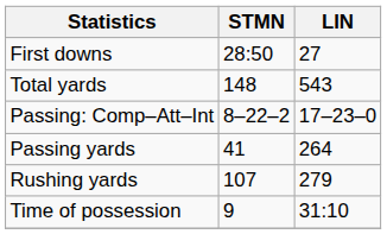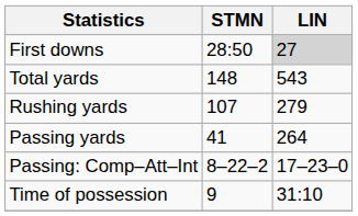 <table class="wikitable" style="float: left;">
 <tr>
 <th>Statistics</th>
 <th>STMN</th>
 <th>LIN</th>
 </tr>
 <tr>
 <td>First downs</td>
 <td>28:50</td>
-<td>27</td>
+<td style="background: lightgrey;">27</td>
 </tr>
 <tr>
 <td>Total yards</td>
 <td>148</td>
 <td>543</td>
 </tr>
 <tr>
-<td>Passing: Comp–Att–Int</td>
-<td>8–22–2</td>
-<td>17–23–0</td>
+<td>Rushing yards</td>
+<td>107</td>
+<td>279</td>
 </tr>
 <tr>
 <td>Passing yards</td>
 <td>41</td>
 <td>264</td>
 </tr>
 <tr>
-<td>Rushing yards</td>
-<td>107</td>
-<td>279</td>
+<td>Passing: Comp–Att–Int</td>
+<td>8–22–2</td>
+<td>17–23–0</td>
 </tr>
 <tr>
 <td>Time of possession</td>
 <td>9</td>
 <td>31:10</td>
 </tr>
 <tr>
 </tr>
 </table>
